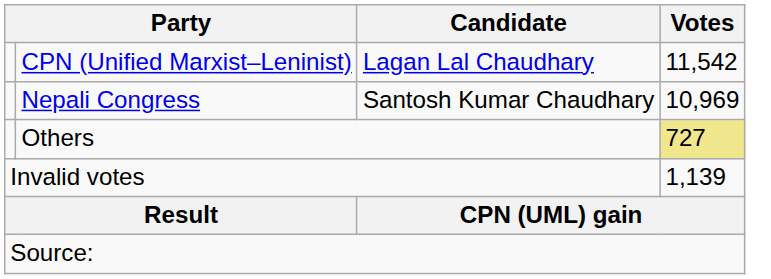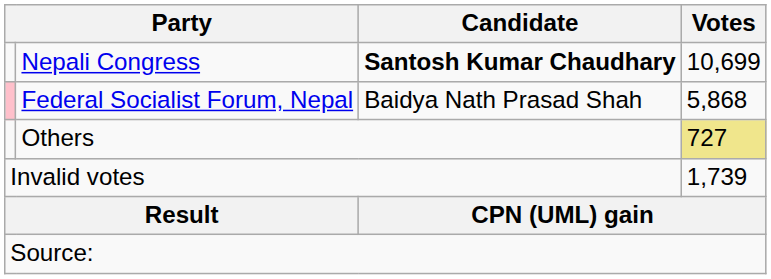 <table class="wikitable">
 <tr>
 <th colspan="2">Party</th>
 <th>Candidate</th>
 <th>Votes</th>
 </tr>
 <tr>
 <td style="background-color:"></td>
-<td><a href='#'>CPN (Unified Marxist–Leninist)</a></td>
-<td><a href='#'>Lagan Lal Chaudhary</a></td>
-<td>11,542</td>
+<td><a href='#'>Nepali Congress</a></td>
+<td><strong>Santosh Kumar Chaudhary</strong></td>
+<td>10,699</td>
 </tr>
 <tr>
-<td style="background-color:"></td>
-<td><a href='#'>Nepali Congress</a></td>
-<td>Santosh Kumar Chaudhary</td>
-<td>10,969</td>
+<td style="background-color:pink"></td>
+<td><a href='#'>Federal Socialist Forum, Nepal</a></td>
+<td>Baidya Nath Prasad Shah</td>
+<td>5,868</td>
 </tr>
 <tr>
 <td></td>
 <td colspan="2">Others</td>
 <td style="background: khaki;">727</td>
 </tr>
 <tr>
 <td colspan="3">Invalid votes</td>
-<td>1,139</td>
+<td>1,739</td>
 </tr>
 <tr>
 <th colspan="2">Result</th>
 <th colspan="2">CPN (UML) gain</th>
 </tr>
 <tr>
 <td colspan="4">Source: </td>
 </tr>
 </table>
